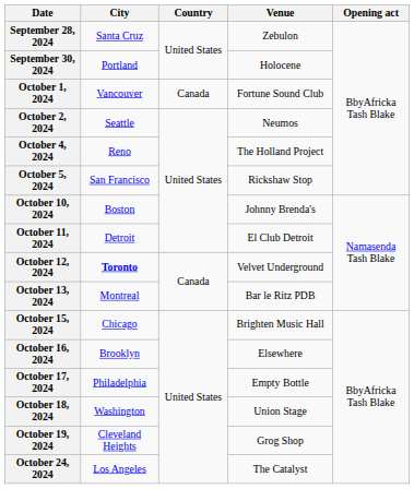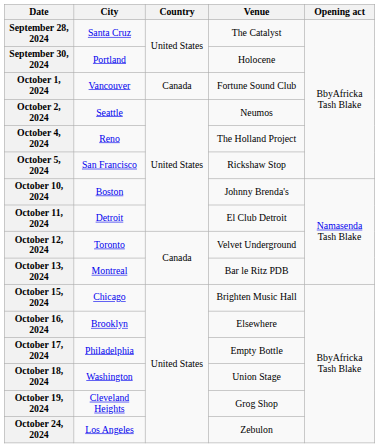 <table class="wikitable plainrowheaders" style="text-align: center;">
 <tr>
 <th scope="col" style="width:10em;">Date</th>
 <th scope="col" style="width:10em;">City</th>
 <th scope="col" style="width:10em;">Country</th>
 <th scope="col" style="width:16em;">Venue</th>
 <th scope="col" style="width:10em;">Opening act</th>
 </tr>
 <tr>
 <th scope="row" style="text-align:center;">September 28, 2024</th>
 <td><a href='#'>Santa Cruz</a></td>
 <td rowspan="2">United States</td>
-<td>Zebulon</td>
+<td>The Catalyst</td>
 <td rowspan="6">BbyAfricka<br>Tash Blake</td>
 </tr>
 <tr>
 <th scope="row" style="text-align:center;">September 30, 2024</th>
 <td><a href='#'>Portland</a></td>
 <td>Holocene</td>
 </tr>
 <tr>
 <th scope="row" style="text-align:center;">October 1, 2024</th>
 <td><a href='#'>Vancouver</a></td>
 <td>Canada</td>
 <td>Fortune Sound Club</td>
 </tr>
 <tr>
 <th scope="row" style="text-align:center;">October 2, 2024</th>
 <td><a href='#'>Seattle</a></td>
 <td rowspan="5">United States</td>
 <td>Neumos</td>
 </tr>
 <tr>
 <th scope="row" style="text-align:center;">October 4, 2024</th>
 <td><a href='#'>Reno</a></td>
 <td>The Holland Project</td>
 </tr>
 <tr>
 <th scope="row" style="text-align:center;">October 5, 2024</th>
 <td><a href='#'>San Francisco</a></td>
 <td>Rickshaw Stop</td>
 </tr>
 <tr>
 <th scope="row" style="text-align:center;">October 10, 2024</th>
 <td><a href='#'>Boston</a></td>
 <td>Johnny Brenda's</td>
 <td rowspan="4"><a href='#'>Namasenda</a><br>Tash Blake</td>
 </tr>
 <tr>
 <th scope="row" style="text-align:center;">October 11, 2024</th>
 <td><a href='#'>Detroit</a></td>
 <td>El Club Detroit</td>
 </tr>
 <tr>
 <th scope="row" style="text-align:center;">October 12, 2024</th>
-<td><strong><a href='#'>Toronto</a></strong></td>
+<td><a href='#'>Toronto</a></td>
 <td rowspan="2">Canada</td>
 <td>Velvet Underground</td>
 </tr>
 <tr>
 <th scope="row" style="text-align:center;">October 13, 2024</th>
 <td><a href='#'>Montreal</a></td>
 <td>Bar le Ritz PDB</td>
 </tr>
 <tr>
 <th scope="row" style="text-align:center;">October 15, 2024</th>
 <td><a href='#'>Chicago</a></td>
 <td rowspan="6">United States</td>
 <td>Brighten Music Hall</td>
 <td rowspan="6">BbyAfricka<br>Tash Blake</td>
 </tr>
 <tr>
 <th scope="row" style="text-align:center;">October 16, 2024</th>
 <td><a href='#'>Brooklyn</a></td>
 <td>Elsewhere</td>
 </tr>
 <tr>
 <th scope="row" style="text-align:center;">October 17, 2024</th>
 <td><a href='#'>Philadelphia</a></td>
 <td>Empty Bottle</td>
 </tr>
 <tr>
 <th scope="row" style="text-align:center;">October 18, 2024</th>
 <td><a href='#'>Washington</a></td>
 <td>Union Stage</td>
 </tr>
 <tr>
 <th scope="row" style="text-align:center;">October 19, 2024</th>
 <td><a href='#'>Cleveland Heights</a></td>
 <td>Grog Shop</td>
 </tr>
 <tr>
 <th scope="row" style="text-align:center;">October 24, 2024</th>
 <td><a href='#'>Los Angeles</a></td>
-<td>The Catalyst</td>
+<td>Zebulon</td>
 </tr>
 </table>
